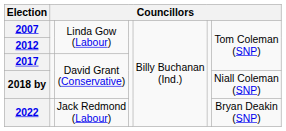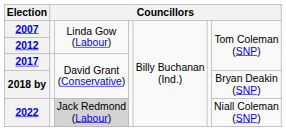 <table class="wikitable" style="text-align:center">
 <tr>
 <th>Election</th>
 <th colspan=8>Councillors</th>
 </tr>
 <tr>
 <th><a href='#'>2007</a></th>
 <td rowspan=2; style="background-color: "></td>
 <td rowspan=2>Linda Gow<br>(<a href='#'>Labour</a>)</td>
 <td rowspan=5; style="background-color: "></td>
 <td rowspan=5>Billy Buchanan<br>(Ind.)</td>
 <td rowspan=5; style="background-color: "></td>
 <td rowspan=3>Tom Coleman<br>(<a href='#'>SNP</a>)</td>
 </tr>
 <tr>
 <th><a href='#'>2012</a></th>
 </tr>
 <tr>
 <th><a href='#'>2017</a></th>
 <td rowspan=2; style="background-color: "></td>
 <td rowspan=2>David Grant<br>(<a href='#'>Conservative</a>)</td>
 </tr>
 <tr>
 <th>2018 by</th>
-<td rowspan=1>Niall Coleman<br>(<a href='#'>SNP</a>)</td>
+<td rowspan=1>Bryan Deakin<br>(<a href='#'>SNP</a>)</td>
 </tr>
 <tr>
 <th><a href='#'>2022</a></th>
 <td rowspan=1; style="background-color: "></td>
-<td rowspan=1>Jack Redmond<br>(<a href='#'>Labour</a>)</td>
-<td rowspan=1>Bryan Deakin<br>(<a href='#'>SNP</a>)</td>
+<td rowspan=1 style="background: lightgrey;">Jack Redmond<br>(<a href='#'>Labour</a>)</td>
+<td rowspan=1>Niall Coleman<br>(<a href='#'>SNP</a>)</td>
 </tr>
 </table>
